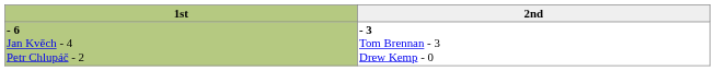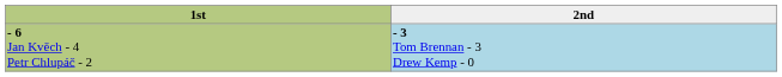 <table border="1" cellpadding="2" cellspacing="0"  style="width:75%; border-collapse:collapse;">
 <tr style="text-align:left; background:#efefef;">
 <th width=15% align=center style="background-color: #b5c981;">1st</th>
 <th width=15% align=center >2nd</th>
 </tr>
 <tr align=left>
 <td valign=top align=left style="background-color: #b5c981;"><strong> - 6</strong><br><a href='#'>Jan Kvěch</a> - 4<br><a href='#'>Petr Chlupáč</a> - 2</td>
-<td valign=top align=left ><strong> - 3</strong><br><a href='#'>Tom Brennan</a> - 3<br><a href='#'>Drew Kemp</a> - 0</td>
+<td valign=top align=left  style="background: lightblue;"><strong> - 3</strong><br><a href='#'>Tom Brennan</a> - 3<br><a href='#'>Drew Kemp</a> - 0</td>
 </tr>
 </table>
